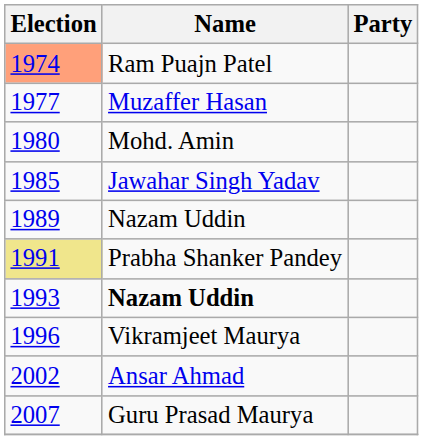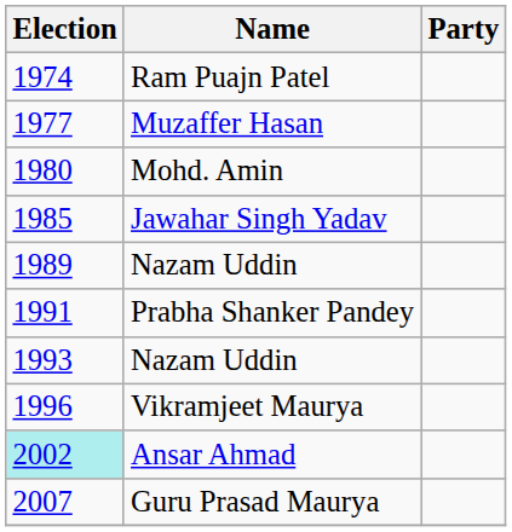 <table class="wikitable sortable">
 <tr>
 <th>Election</th>
 <th>Name</th>
 <th colspan=2>Party</th>
 </tr>
 <tr>
-<td style="background: lightsalmon;"><a href='#'>1974</a></td>
+<td><a href='#'>1974</a></td>
 <td>Ram Puajn Patel</td>
 <td></td>
 </tr>
 <tr>
 <td><a href='#'>1977</a></td>
 <td><a href='#'>Muzaffer Hasan</a></td>
 <td></td>
 </tr>
 <tr>
 <td><a href='#'>1980</a></td>
 <td>Mohd. Amin</td>
 <td></td>
 </tr>
 <tr>
 <td><a href='#'>1985</a></td>
 <td><a href='#'>Jawahar Singh Yadav</a></td>
 <td></td>
 </tr>
 <tr>
 <td><a href='#'>1989</a></td>
 <td>Nazam Uddin</td>
 <td></td>
 </tr>
 <tr>
-<td style="background: khaki;"><a href='#'>1991</a></td>
+<td><a href='#'>1991</a></td>
 <td>Prabha Shanker Pandey</td>
 <td></td>
 </tr>
 <tr>
 <td><a href='#'>1993</a></td>
-<td><strong>Nazam Uddin</strong></td>
+<td>Nazam Uddin</td>
 <td></td>
 </tr>
 <tr>
 <td><a href='#'>1996</a></td>
 <td>Vikramjeet Maurya</td>
 <td></td>
 </tr>
 <tr>
-<td><a href='#'>2002</a></td>
+<td style="background: paleturquoise;"><a href='#'>2002</a></td>
 <td><a href='#'>Ansar Ahmad</a></td>
 <td></td>
 </tr>
 <tr>
 <td><a href='#'>2007</a></td>
 <td>Guru Prasad Maurya</td>
 <td></td>
 </tr>
 <tr>
 </tr>
 </table>
